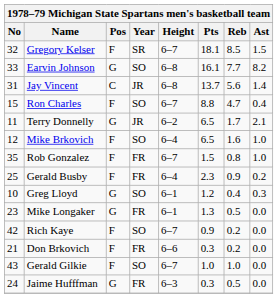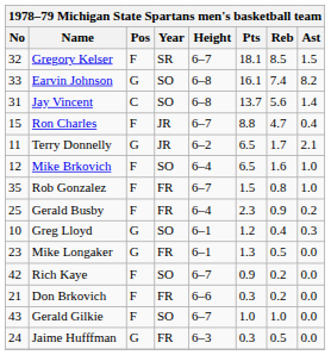 <table class="wikitable sortable" style="font-size: 90%" |->
 <tr>
 <th colspan=9 style=>1978–79 Michigan State Spartans men's basketball team</th>
 </tr>
 <tr>
 <th style="background:#">No</th>
 <th style="background:#">Name</th>
 <th style="background:#">Pos</th>
 <th style="background:#">Year</th>
 <th style="background:#">Height</th>
 <th style="background:#">Pts</th>
 <th style="background:#">Reb</th>
 <th style="background:#">Ast</th>
 </tr>
 <tr>
 <td>32</td>
 <td><a href='#'>Gregory Kelser</a></td>
 <td>F</td>
 <td>SR</td>
 <td>6–7</td>
 <td>18.1</td>
 <td>8.5</td>
 <td>1.5</td>
 </tr>
 <tr>
 <td>33</td>
 <td><a href='#'>Earvin Johnson</a></td>
 <td>G</td>
 <td>SO</td>
 <td>6–8</td>
 <td>16.1</td>
-<td>7.7</td>
+<td>7.4</td>
 <td>8.2</td>
 </tr>
 <tr>
 <td>31</td>
 <td><a href='#'>Jay Vincent</a></td>
 <td>C</td>
-<td>JR</td>
+<td>SO</td>
 <td>6–8</td>
 <td>13.7</td>
 <td>5.6</td>
 <td>1.4</td>
 </tr>
 <tr>
 <td>15</td>
 <td><a href='#'>Ron Charles</a></td>
 <td>F</td>
-<td>SO</td>
+<td>JR</td>
 <td>6–7</td>
 <td>8.8</td>
 <td>4.7</td>
 <td>0.4</td>
 </tr>
 <tr>
 <td>11</td>
 <td>Terry Donnelly</td>
 <td>G</td>
 <td>JR</td>
 <td>6–2</td>
 <td>6.5</td>
 <td>1.7</td>
 <td>2.1</td>
 </tr>
 <tr>
 <td>12</td>
 <td><a href='#'>Mike Brkovich</a></td>
 <td>F</td>
 <td>SO</td>
 <td>6–4</td>
 <td>6.5</td>
 <td>1.6</td>
 <td>1.0</td>
 </tr>
 <tr>
 <td>35</td>
 <td>Rob Gonzalez</td>
 <td>F</td>
 <td>FR</td>
 <td>6–7</td>
 <td>1.5</td>
 <td>0.8</td>
 <td>1.0</td>
 </tr>
 <tr>
 <td>25</td>
 <td>Gerald Busby</td>
 <td>F</td>
 <td>FR</td>
 <td>6–4</td>
 <td>2.3</td>
 <td>0.9</td>
 <td>0.2</td>
 </tr>
 <tr>
 <td>10</td>
 <td>Greg Lloyd</td>
 <td>G</td>
 <td>SO</td>
 <td>6–1</td>
 <td>1.2</td>
 <td>0.4</td>
 <td>0.3</td>
 </tr>
 <tr>
 <td>23</td>
 <td>Mike Longaker</td>
 <td>G</td>
 <td>FR</td>
 <td>6–1</td>
 <td>1.3</td>
 <td>0.5</td>
 <td>0.0</td>
 </tr>
 <tr>
 <td>42</td>
 <td>Rich Kaye</td>
 <td>F</td>
 <td>SO</td>
 <td>6–7</td>
 <td>0.9</td>
 <td>0.2</td>
 <td>0.0</td>
 </tr>
 <tr>
 <td>21</td>
 <td>Don Brkovich</td>
 <td>F</td>
 <td>FR</td>
 <td>6–6</td>
 <td>0.3</td>
 <td>0.2</td>
 <td>0.0</td>
 </tr>
 <tr>
 <td>43</td>
 <td>Gerald Gilkie</td>
 <td>F</td>
 <td>SO</td>
 <td>6–7</td>
 <td>1.0</td>
 <td>1.0</td>
 <td>0.0</td>
 </tr>
 <tr>
 <td>24</td>
 <td>Jaime Hufffman</td>
 <td>G</td>
 <td>FR</td>
 <td>6–3</td>
 <td>0.3</td>
 <td>0.5</td>
 <td>0.0</td>
 </tr>
 <tr>
 </tr>
 </table>
